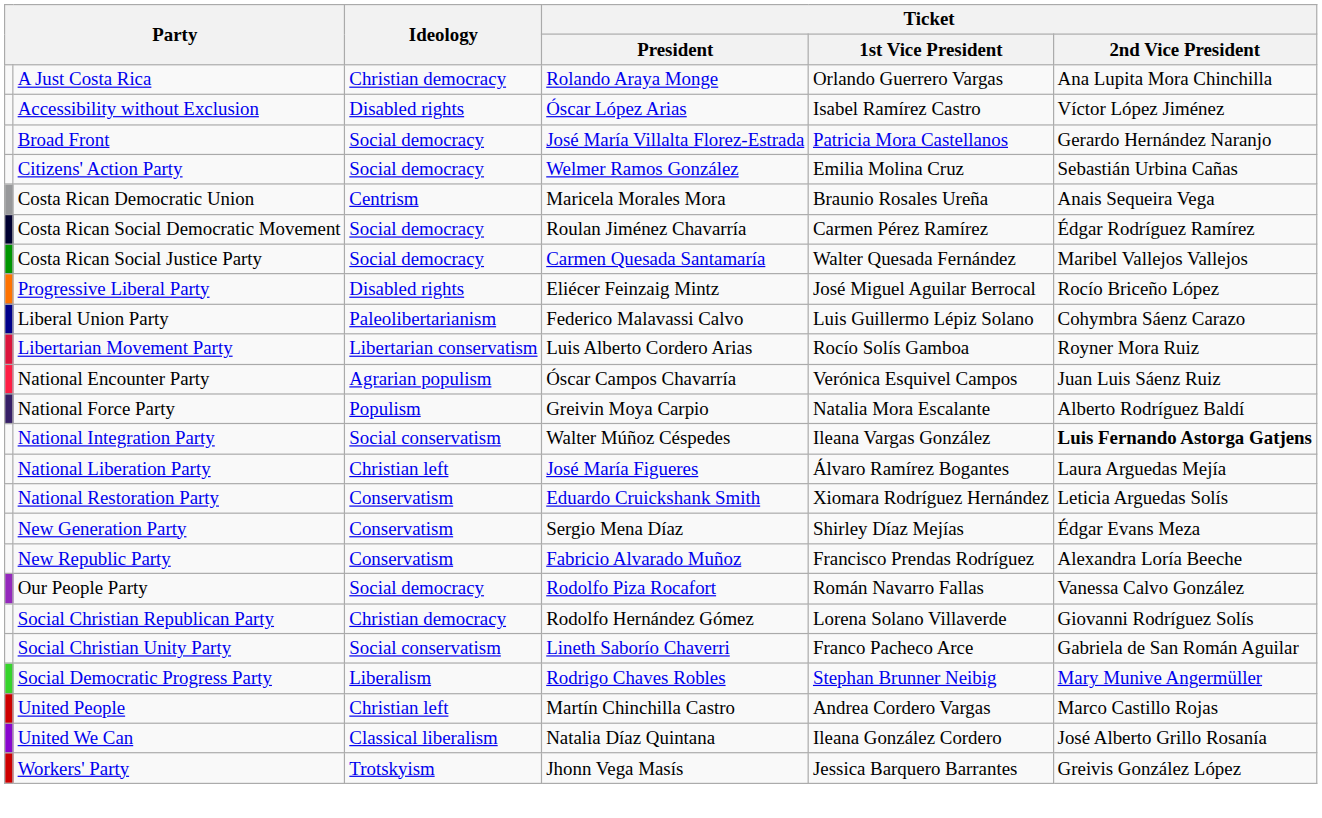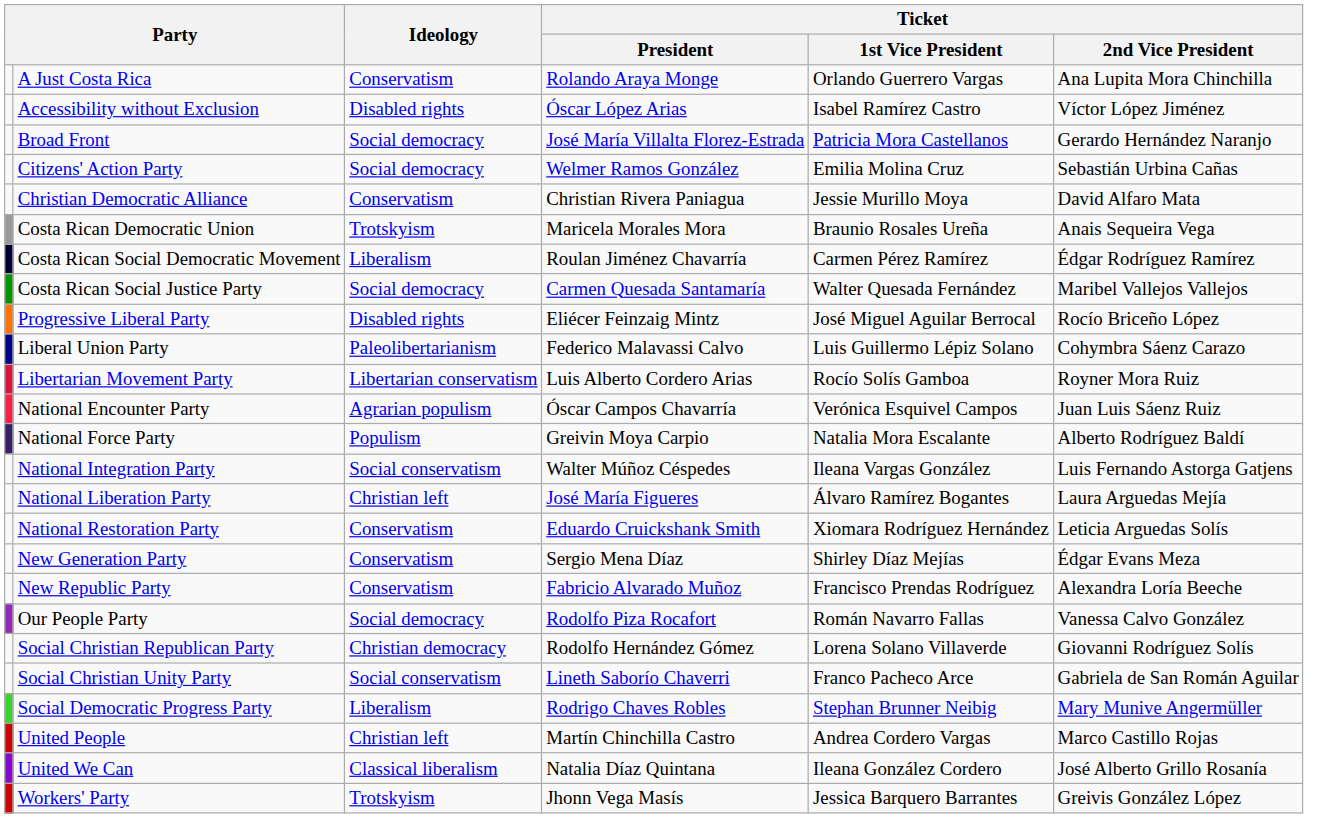 <table class="wikitable sortable">
 <tr>
 <th colspan="2" rowspan="2">Party</th>
 <th colspan="1" rowspan="2">Ideology</th>
 <th colspan="3">Ticket</th>
 </tr>
 <tr>
 <th>President</th>
 <th>1st Vice President</th>
 <th>2nd Vice President</th>
 </tr>
 <tr>
 <td style="background-color:"></td>
 <td><a href='#'>A Just Costa Rica</a></td>
-<td><a href='#'>Christian democracy</a></td>
+<td><a href='#'>Conservatism</a></td>
 <td><a href='#'>Rolando Araya Monge</a></td>
 <td>Orlando Guerrero Vargas</td>
 <td>Ana Lupita Mora Chinchilla</td>
 </tr>
 <tr>
 <td style="background-color:"></td>
 <td><a href='#'>Accessibility without Exclusion</a></td>
 <td><a href='#'>Disabled rights</a></td>
 <td><a href='#'>Óscar López Arias</a></td>
 <td>Isabel Ramírez Castro</td>
 <td>Víctor López Jiménez</td>
 </tr>
 <tr>
 <td style="background-color:"></td>
 <td><a href='#'>Broad Front</a></td>
 <td><a href='#'>Social democracy</a></td>
 <td><a href='#'>José María Villalta Florez-Estrada</a></td>
 <td><a href='#'>Patricia Mora Castellanos</a></td>
 <td>Gerardo Hernández Naranjo</td>
 </tr>
 <tr>
 <td style="background-color:"></td>
 <td><a href='#'>Citizens' Action Party</a></td>
 <td><a href='#'>Social democracy</a></td>
 <td><a href='#'>Welmer Ramos González</a></td>
 <td>Emilia Molina Cruz</td>
 <td>Sebastián Urbina Cañas</td>
 </tr>
 <tr>
+<td style="background-color:"></td>
+<td><a href='#'>Christian Democratic Alliance</a></td>
+<td><a href='#'>Conservatism</a></td>
+<td>Christian Rivera Paniagua</td>
+<td>Jessie Murillo Moya</td>
+<td>David Alfaro Mata</td>
+</tr>
+<tr>
 <td style="background-color:#97989a"></td>
 <td>Costa Rican Democratic Union</td>
-<td><a href='#'>Centrism</a></td>
+<td><a href='#'>Trotskyism</a></td>
 <td>Maricela Morales Mora</td>
 <td>Braunio Rosales Ureña</td>
 <td>Anais Sequeira Vega</td>
 </tr>
 <tr>
 <td style="background-color:#000030"></td>
 <td>Costa Rican Social Democratic Movement</td>
-<td><a href='#'>Social democracy</a></td>
+<td><a href='#'>Liberalism</a></td>
 <td>Roulan Jiménez Chavarría</td>
 <td>Carmen Pérez Ramírez</td>
 <td>Édgar Rodríguez Ramírez</td>
 </tr>
 <tr>
 <td style="background-color:#009600"></td>
 <td>Costa Rican Social Justice Party</td>
 <td><a href='#'>Social democracy</a></td>
 <td><a href='#'>Carmen Quesada Santamaría</a></td>
 <td>Walter Quesada Fernández</td>
 <td>Maribel Vallejos Vallejos</td>
 </tr>
 <tr>
 <td style="background-color:#FF7300"></td>
 <td><a href='#'>Progressive Liberal Party</a></td>
 <td><a href='#'>Disabled rights</a></td>
 <td>Eliécer Feinzaig Mintz</td>
 <td>José Miguel Aguilar Berrocal</td>
 <td>Rocío Briceño López</td>
 </tr>
 <tr>
 <td style="background-color:#00008B"></td>
 <td>Liberal Union Party</td>
 <td><a href='#'>Paleolibertarianism</a></td>
 <td>Federico Malavassi Calvo</td>
 <td>Luis Guillermo Lépiz Solano</td>
 <td>Cohymbra Sáenz Carazo</td>
 </tr>
 <tr>
 <td style="background-color:#DC143C"></td>
 <td><a href='#'>Libertarian Movement Party</a></td>
 <td><a href='#'>Libertarian conservatism</a></td>
 <td>Luis Alberto Cordero Arias</td>
 <td>Rocío Solís Gamboa</td>
 <td>Royner Mora Ruiz</td>
 </tr>
 <tr>
 <td style="background-color:#ff1e44"></td>
 <td>National Encounter Party</td>
 <td><a href='#'>Agrarian populism</a></td>
 <td>Óscar Campos Chavarría</td>
 <td>Verónica Esquivel Campos</td>
 <td>Juan Luis Sáenz Ruiz</td>
 </tr>
 <tr>
 <td style="background-color:#361f67"></td>
 <td>National Force Party</td>
 <td><a href='#'>Populism</a></td>
 <td>Greivin Moya Carpio</td>
 <td>Natalia Mora Escalante</td>
 <td>Alberto Rodríguez Baldí</td>
 </tr>
 <tr>
 <td style="background-color:"></td>
 <td><a href='#'>National Integration Party</a></td>
 <td><a href='#'>Social conservatism</a></td>
 <td>Walter Múñoz Céspedes</td>
 <td>Ileana Vargas González</td>
-<td><strong>Luis Fernando Astorga Gatjens</strong></td>
+<td>Luis Fernando Astorga Gatjens</td>
 </tr>
 <tr>
 <td style="background-color:"></td>
 <td><a href='#'>National Liberation Party</a></td>
 <td><a href='#'>Christian left</a></td>
 <td><a href='#'>José María Figueres</a></td>
 <td>Álvaro Ramírez Bogantes</td>
 <td>Laura Arguedas Mejía</td>
 </tr>
 <tr>
 <td style="background-color:"></td>
 <td><a href='#'>National Restoration Party</a></td>
 <td><a href='#'>Conservatism</a></td>
 <td><a href='#'>Eduardo Cruickshank Smith</a></td>
 <td>Xiomara Rodríguez Hernández</td>
 <td>Leticia Arguedas Solís</td>
 </tr>
 <tr>
 <td style="background-color:"></td>
 <td><a href='#'>New Generation Party</a></td>
 <td><a href='#'>Conservatism</a></td>
 <td>Sergio Mena Díaz</td>
 <td>Shirley Díaz Mejías</td>
 <td>Édgar Evans Meza</td>
 </tr>
 <tr>
 <td style="background-color:"></td>
 <td><a href='#'>New Republic Party</a></td>
 <td><a href='#'>Conservatism</a></td>
 <td><a href='#'>Fabricio Alvarado Muñoz</a></td>
 <td>Francisco Prendas Rodríguez</td>
 <td>Alexandra Loría Beeche</td>
 </tr>
 <tr>
 <td style="background-color:#9428bc"></td>
 <td>Our People Party</td>
 <td><a href='#'>Social democracy</a></td>
 <td><a href='#'>Rodolfo Piza Rocafort</a></td>
 <td>Román Navarro Fallas</td>
 <td>Vanessa Calvo González</td>
 </tr>
 <tr>
 <td style="background-color:"></td>
 <td><a href='#'>Social Christian Republican Party</a></td>
 <td><a href='#'>Christian democracy</a></td>
 <td>Rodolfo Hernández Gómez</td>
 <td>Lorena Solano Villaverde</td>
 <td>Giovanni Rodríguez Solís</td>
 </tr>
 <tr>
 <td style="background-color:"></td>
 <td><a href='#'>Social Christian Unity Party</a></td>
 <td><a href='#'>Social conservatism</a></td>
 <td><a href='#'>Lineth Saborío Chaverri</a></td>
 <td>Franco Pacheco Arce</td>
 <td>Gabriela de San Román Aguilar</td>
 </tr>
 <tr>
 <td style="background-color:#36d42c"></td>
 <td><a href='#'>Social Democratic Progress Party</a></td>
 <td><a href='#'>Liberalism</a></td>
 <td><a href='#'>Rodrigo Chaves Robles</a></td>
 <td><a href='#'>Stephan Brunner Neibig</a></td>
 <td><a href='#'>Mary Munive Angermüller</a></td>
 </tr>
 <tr>
 <td style="background-color:#ce0000"></td>
 <td><a href='#'>United People</a></td>
 <td><a href='#'>Christian left</a></td>
 <td>Martín Chinchilla Castro</td>
 <td>Andrea Cordero Vargas</td>
 <td>Marco Castillo Rojas</td>
 </tr>
 <tr>
 <td style="background-color:#8806CE"></td>
 <td><a href='#'>United We Can</a></td>
 <td><a href='#'>Classical liberalism</a></td>
 <td>Natalia Díaz Quintana</td>
 <td>Ileana González Cordero</td>
 <td>José Alberto Grillo Rosanía</td>
 </tr>
 <tr>
 <td style="background-color:#ce0000"></td>
 <td><a href='#'>Workers' Party</a></td>
 <td><a href='#'>Trotskyism</a></td>
 <td>Jhonn Vega Masís</td>
 <td>Jessica Barquero Barrantes</td>
 <td>Greivis González López</td>
 </tr>
 </table>
